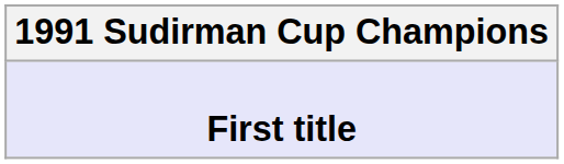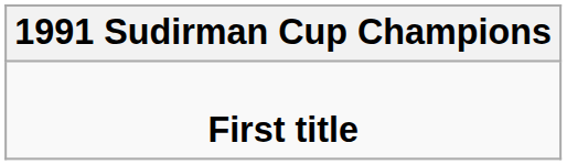 <table class=wikitable style="text-align:center; margin:auto">
 <tr>
 <th>1991 Sudirman Cup Champions</th>
 </tr>
 <tr>
-<td style="background: lavender;"><strong></strong> <br> <strong>First title</strong></td>
+<td><strong></strong> <br> <strong>First title</strong></td>
 </tr>
 </table>
